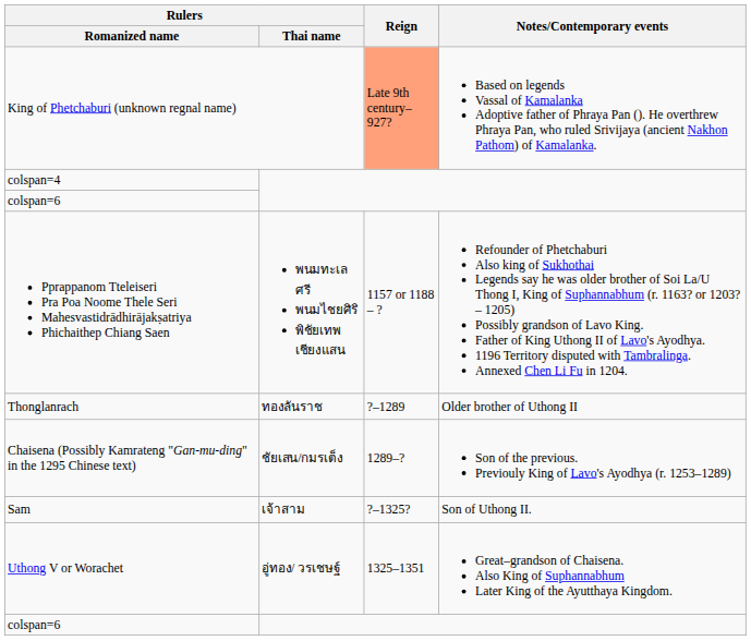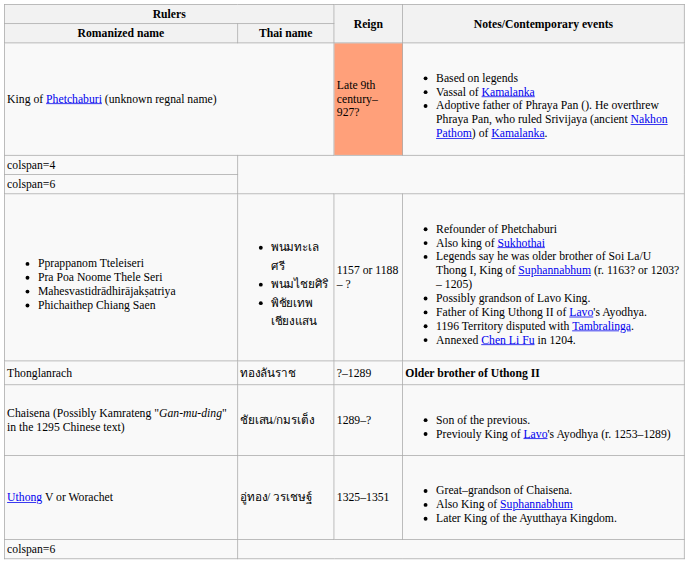 <table class="wikitable" style="font-size:95%;width:100%">
 <tr>
 <th colspan=2>Rulers</th>
 <th rowspan=2>Reign</th>
 <th rowspan=2>Notes/Contemporary events</th>
 </tr>
 <tr>
 <th>Romanized name</th>
 <th>Thai name</th>
 </tr>
 <tr>
 <td colspan=2>King of <a href='#'>Phetchaburi</a> (unknown regnal name)</td>
 <td style="background: lightsalmon;">Late 9th century–927?</td>
 <td><br><ul><li>Based on legends</li><li>Vassal of <a href='#'>Kamalanka</a></li><li>Adoptive father of Phraya Pan (). He overthrew Phraya Pan, who ruled Srivijaya (ancient <a href='#'>Nakhon Pathom</a>) of <a href='#'>Kamalanka</a>.</li></ul></td>
 </tr>
 <tr>
 <td>colspan=4 </td>
 </tr>
 <tr>
 <td>colspan=6 </td>
 </tr>
 <tr>
 <td><br><ul><li>Pprappanom Tteleiseri</li><li>Pra Poa Noome Thele Seri</li><li>Mahesvastidrādhirājakṣatriya</li><li>Phichaithep Chiang Saen</li></ul></td>
 <td><br><ul><li>พนมทะเลศรี</li><li>พนมไชยศิริ</li><li>พิชัยเทพเชียงแสน</li></ul></td>
 <td>1157 or 1188 – ?</td>
 <td><br><ul><li>Refounder of Phetchaburi</li><li>Also king of <a href='#'>Sukhothai</a></li><li>Legends say he was older brother of Soi La/U Thong I, King of <a href='#'>Suphannabhum</a> (r. 1163? or 1203? – 1205)</li><li>Possibly grandson of Lavo King.</li><li>Father of King Uthong II of <a href='#'>Lavo</a>'s Ayodhya.</li><li>1196 Territory disputed with <a href='#'>Tambralinga</a>.</li><li>Annexed <a href='#'>Chen Li Fu</a> in 1204.</li></ul></td>
 </tr>
 <tr>
 <td>Thonglanrach</td>
 <td>ทองลันราช</td>
 <td>?–1289</td>
-<td>Older brother of Uthong II</td>
+<td><strong>Older brother of Uthong II</strong></td>
 </tr>
 <tr>
 <td>Chaisena (Possibly Kamrateng "<em>Gan-mu-ding</em>" in the 1295 Chinese text)</td>
 <td>ชัยเสน/กมรเต็ง</td>
 <td>1289–?</td>
 <td><br><ul><li>Son of the previous.</li><li>Previouly King of <a href='#'>Lavo</a>'s Ayodhya (r. 1253–1289)</li></ul></td>
-</tr>
-<tr>
-<td>Sam</td>
-<td>เจ้าสาม</td>
-<td>?–1325?</td>
-<td>Son of Uthong II.</td>
 </tr>
 <tr>
 <td><a href='#'>Uthong</a> V or Worachet</td>
 <td>อู่ทอง/ วรเชษฐ์</td>
 <td>1325–1351</td>
 <td><br><ul><li>Great–grandson of Chaisena.</li><li>Also King of <a href='#'>Suphannabhum</a></li><li>Later King of the Ayutthaya Kingdom.</li></ul></td>
 </tr>
 <tr>
 <td>colspan=6 </td>
 </tr>
 </table>
